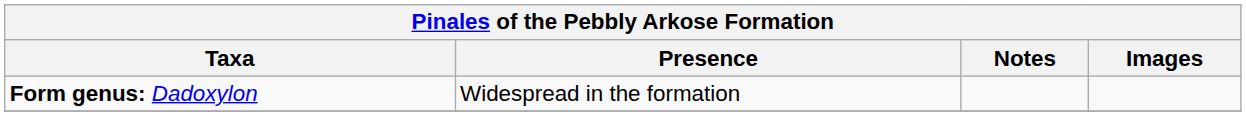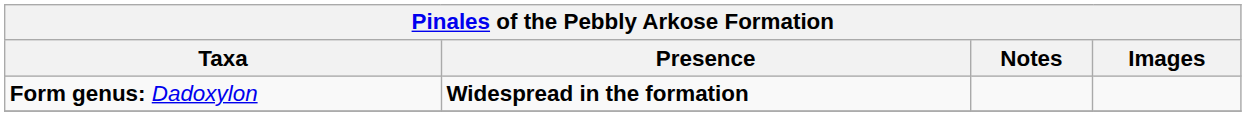 <table class="wikitable" align="center" width="100%">
 <tr>
 <th colspan="5" align="center"><strong><a href='#'>Pinales</a> of the Pebbly Arkose Formation</strong></th>
 </tr>
 <tr>
 <th>Taxa</th>
 <th>Presence</th>
 <th>Notes</th>
 <th>Images</th>
 </tr>
 <tr>
 <td><strong>Form genus:</strong> <em><a href='#'>Dadoxylon</a></em></td>
-<td>Widespread in the formation</td>
+<td><strong>Widespread in the formation</strong></td>
 <td></td>
 <td></td>
 </tr>
 <tr>
 </tr>
 </table>
